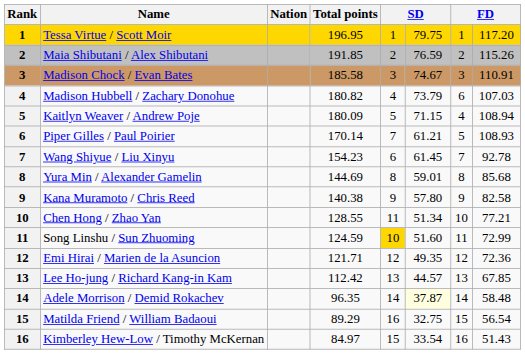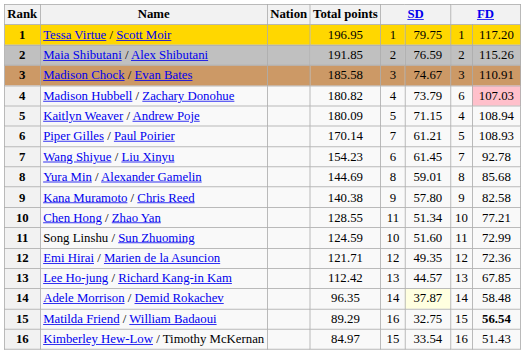 <table class="wikitable sortable">
 <tr>
 <th>Rank</th>
 <th>Name</th>
 <th>Nation</th>
 <th>Total points</th>
 <th colspan="2" width="80px"><a href='#'>SD</a></th>
 <th colspan="2" width="80px"><a href='#'>FD</a></th>
 </tr>
 <tr bgcolor="gold">
 <td align="center"><strong>1</strong></td>
 <td><a href='#'>Tessa Virtue</a> / <a href='#'>Scott Moir</a></td>
 <td></td>
 <td align="center">196.95</td>
 <td align="center">1</td>
 <td align="center">79.75</td>
 <td align="center">1</td>
 <td align="center">117.20</td>
 </tr>
 <tr bgcolor="silver">
 <td align="center"><strong>2</strong></td>
 <td><a href='#'>Maia Shibutani</a> / <a href='#'>Alex Shibutani</a></td>
 <td></td>
 <td align="center">191.85</td>
 <td align="center">2</td>
 <td align="center">76.59</td>
 <td align="center">2</td>
 <td align="center">115.26</td>
 </tr>
 <tr bgcolor="#cc9966">
 <td align="center"><strong>3</strong></td>
 <td><a href='#'>Madison Chock</a> / <a href='#'>Evan Bates</a></td>
 <td></td>
 <td align="center">185.58</td>
 <td align="center">3</td>
 <td align="center">74.67</td>
 <td align="center">3</td>
 <td align="center">110.91</td>
 </tr>
 <tr>
 <th>4</th>
 <td><a href='#'>Madison Hubbell</a> / <a href='#'>Zachary Donohue</a></td>
 <td></td>
 <td align="center">180.82</td>
 <td align="center">4</td>
 <td align="center">73.79</td>
 <td align="center">6</td>
-<td align="center">107.03</td>
+<td align="center" style="background: pink;">107.03</td>
 </tr>
 <tr>
 <th>5</th>
 <td><a href='#'>Kaitlyn Weaver</a> / <a href='#'>Andrew Poje</a></td>
 <td></td>
 <td align="center">180.09</td>
 <td align="center">5</td>
 <td align="center">71.15</td>
 <td align="center">4</td>
 <td align="center">108.94</td>
 </tr>
 <tr>
 <th>6</th>
 <td><a href='#'>Piper Gilles</a> / <a href='#'>Paul Poirier</a></td>
 <td></td>
 <td align="center">170.14</td>
 <td align="center">7</td>
 <td align="center">61.21</td>
 <td align="center">5</td>
 <td align="center">108.93</td>
 </tr>
 <tr>
 <th>7</th>
 <td><a href='#'>Wang Shiyue</a> / <a href='#'>Liu Xinyu</a></td>
 <td></td>
 <td align="center">154.23</td>
 <td align="center">6</td>
 <td align="center">61.45</td>
 <td align="center">7</td>
 <td align="center">92.78</td>
 </tr>
 <tr>
 <th>8</th>
 <td><a href='#'>Yura Min</a> / <a href='#'>Alexander Gamelin</a></td>
 <td></td>
 <td align="center">144.69</td>
 <td align="center">8</td>
 <td align="center">59.01</td>
 <td align="center">8</td>
 <td align="center">85.68</td>
 </tr>
 <tr>
 <th>9</th>
 <td><a href='#'>Kana Muramoto</a> / <a href='#'>Chris Reed</a></td>
 <td></td>
 <td align="center">140.38</td>
 <td align="center">9</td>
 <td align="center">57.80</td>
 <td align="center">9</td>
 <td align="center">82.58</td>
 </tr>
 <tr>
 <th>10</th>
 <td><a href='#'>Chen Hong</a> / <a href='#'>Zhao Yan</a></td>
 <td></td>
 <td align="center">128.55</td>
 <td align="center">11</td>
 <td align="center">51.34</td>
 <td align="center">10</td>
 <td align="center">77.21</td>
 </tr>
 <tr>
 <th>11</th>
 <td>Song Linshu / <a href='#'>Sun Zhuoming</a></td>
 <td></td>
 <td align="center">124.59</td>
-<td align="center" style="background: gold;">10</td>
+<td align="center">10</td>
 <td align="center">51.60</td>
 <td align="center">11</td>
 <td align="center">72.99</td>
 </tr>
 <tr>
 <th>12</th>
 <td><a href='#'>Emi Hirai</a> / <a href='#'>Marien de la Asuncion</a></td>
 <td></td>
 <td align="center">121.71</td>
 <td align="center">12</td>
 <td align="center">49.35</td>
 <td align="center">12</td>
 <td align="center">72.36</td>
 </tr>
 <tr>
 <th>13</th>
 <td><a href='#'>Lee Ho-jung</a> / <a href='#'>Richard Kang-in Kam</a></td>
 <td></td>
 <td align="center">112.42</td>
 <td align="center">13</td>
 <td align="center">44.57</td>
 <td align="center">13</td>
 <td align="center">67.85</td>
 </tr>
 <tr>
 <th>14</th>
 <td><a href='#'>Adele Morrison</a> / <a href='#'>Demid Rokachev</a></td>
 <td></td>
 <td align="center">96.35</td>
 <td align="center">14</td>
 <td align="center" style="background: lightyellow;">37.87</td>
 <td align="center">14</td>
 <td align="center">58.48</td>
 </tr>
 <tr>
 <th>15</th>
 <td><a href='#'>Matilda Friend</a> / <a href='#'>William Badaoui</a></td>
 <td></td>
 <td align="center">89.29</td>
 <td align="center">16</td>
 <td align="center">32.75</td>
 <td align="center">15</td>
-<td align="center">56.54</td>
+<td align="center"><strong>56.54</strong></td>
 </tr>
 <tr>
 <th>16</th>
 <td><a href='#'>Kimberley Hew-Low</a> / Timothy McKernan</td>
 <td></td>
 <td align="center">84.97</td>
 <td align="center">15</td>
 <td align="center">33.54</td>
 <td align="center">16</td>
 <td align="center">51.43</td>
 </tr>
 </table>
